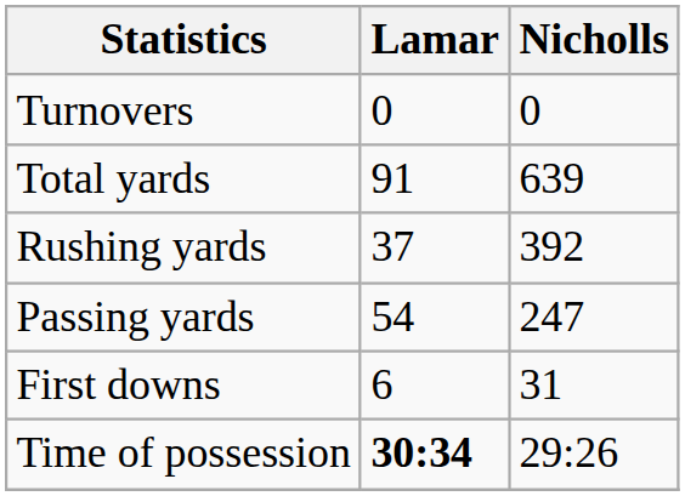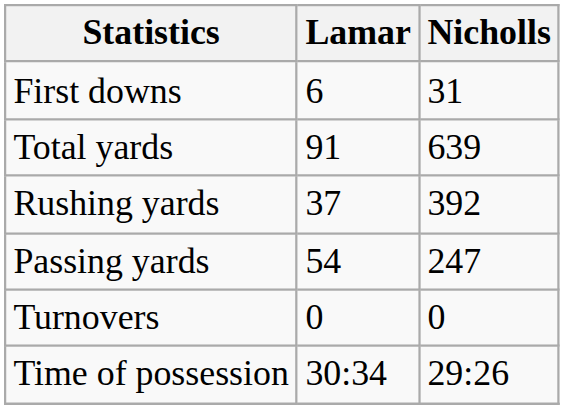 <table class="wikitable">
 <tr>
 <th>Statistics</th>
 <th>Lamar</th>
 <th>Nicholls</th>
 </tr>
 <tr>
-<td>Turnovers</td>
-<td>0</td>
-<td>0</td>
+<td>First downs</td>
+<td>6</td>
+<td>31</td>
 </tr>
 <tr>
 <td>Total yards</td>
 <td>91</td>
 <td>639</td>
 </tr>
 <tr>
 <td>Rushing yards</td>
 <td>37</td>
 <td>392</td>
 </tr>
 <tr>
 <td>Passing yards</td>
 <td>54</td>
 <td>247</td>
 </tr>
 <tr>
-<td>First downs</td>
-<td>6</td>
-<td>31</td>
+<td>Turnovers</td>
+<td>0</td>
+<td>0</td>
 </tr>
 <tr>
 <td>Time of possession</td>
-<td><strong>30:34</strong></td>
+<td>30:34</td>
 <td>29:26</td>
 </tr>
 <tr>
 </tr>
 </table>
